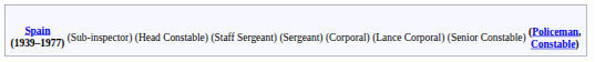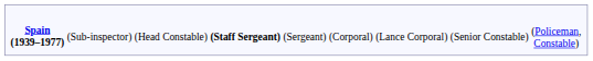 <table style="border:1px solid #8888aa; background-color:#f7f8ff; padding:5px; font-size:95%; margin: 0px 12px 12px 0px;">
 <tr>
 <td align="center" rowspan=2><strong> <br><a href='#'>Spain</a></strong><br><strong>(1939–1977)</strong></td>
 <td align="center" colspan=1></td>
 <td align="center" colspan=1></td>
 <td align="center" colspan=1></td>
 <td align="center" colspan=1></td>
 <td align="center" colspan=1></td>
 <td align="center" colspan=1></td>
 <td align="center" colspan=1></td>
 <td align="center" colspan=1></td>
 </tr>
 <tr rowspan="2">
 <td align="center" colspan=1><br> (Sub-inspector)</td>
 <td align="center" colspan=1><br> (Head Constable)</td>
-<td align="center" colspan=1><br> (Staff Sergeant)</td>
+<td align="center" colspan=1><strong><br> (Staff Sergeant)</strong></td>
 <td align="center" colspan=1><br> (Sergeant)</td>
 <td align="center" colspan=1><br> (Corporal)</td>
 <td align="center" colspan=1><br> (Lance Corporal)</td>
 <td align="center" colspan=1><br> (Senior Constable)</td>
-<td align="center" colspan=1><strong><br>(<a href='#'>Policeman</a>,<br> <a href='#'>Constable</a>)</strong></td>
+<td align="center" colspan=1><br>(<a href='#'>Policeman</a>,<br> <a href='#'>Constable</a>)</td>
 </tr>
 </table>
